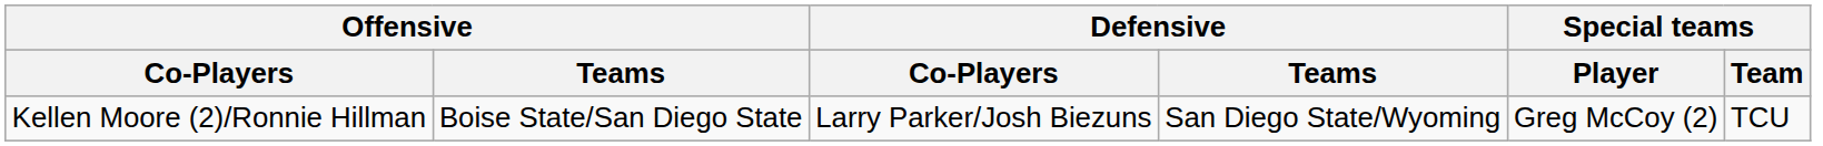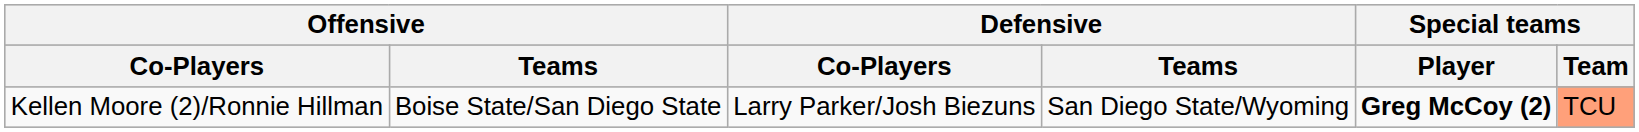 <table class="wikitable">
 <tr>
 <th colspan="2">Offensive</th>
 <th colspan="2">Defensive</th>
 <th colspan="2">Special teams</th>
 </tr>
 <tr>
 <th>Co-Players</th>
 <th>Teams</th>
 <th>Co-Players</th>
 <th>Teams</th>
 <th>Player</th>
 <th>Team</th>
 </tr>
 <tr>
 <td>Kellen Moore (2)/Ronnie Hillman</td>
 <td>Boise State/San Diego State</td>
 <td>Larry Parker/Josh Biezuns</td>
 <td>San Diego State/Wyoming</td>
-<td>Greg McCoy (2)</td>
-<td>TCU</td>
+<td><strong>Greg McCoy (2)</strong></td>
+<td style="background: lightsalmon;">TCU</td>
 </tr>
 </table>
